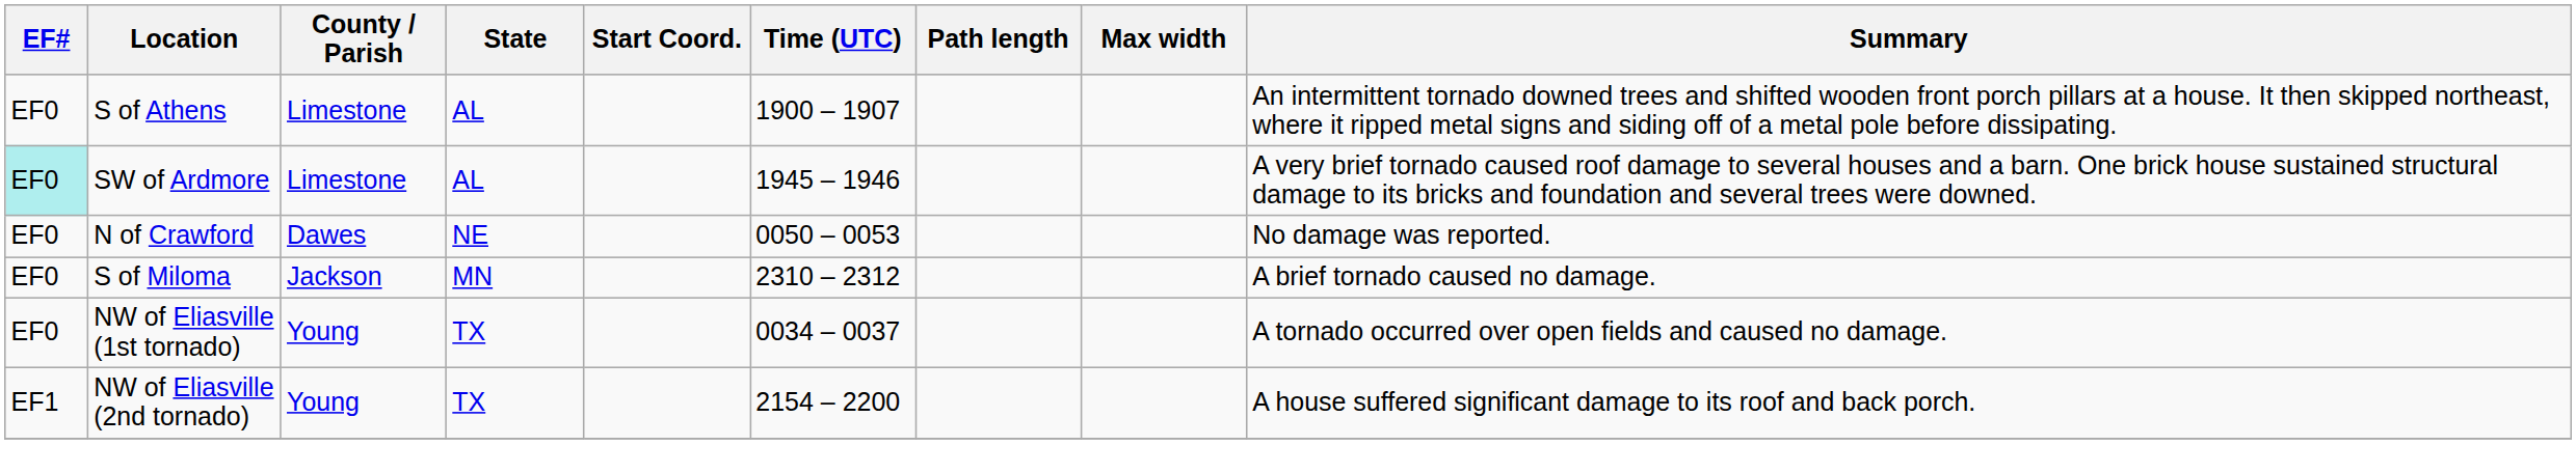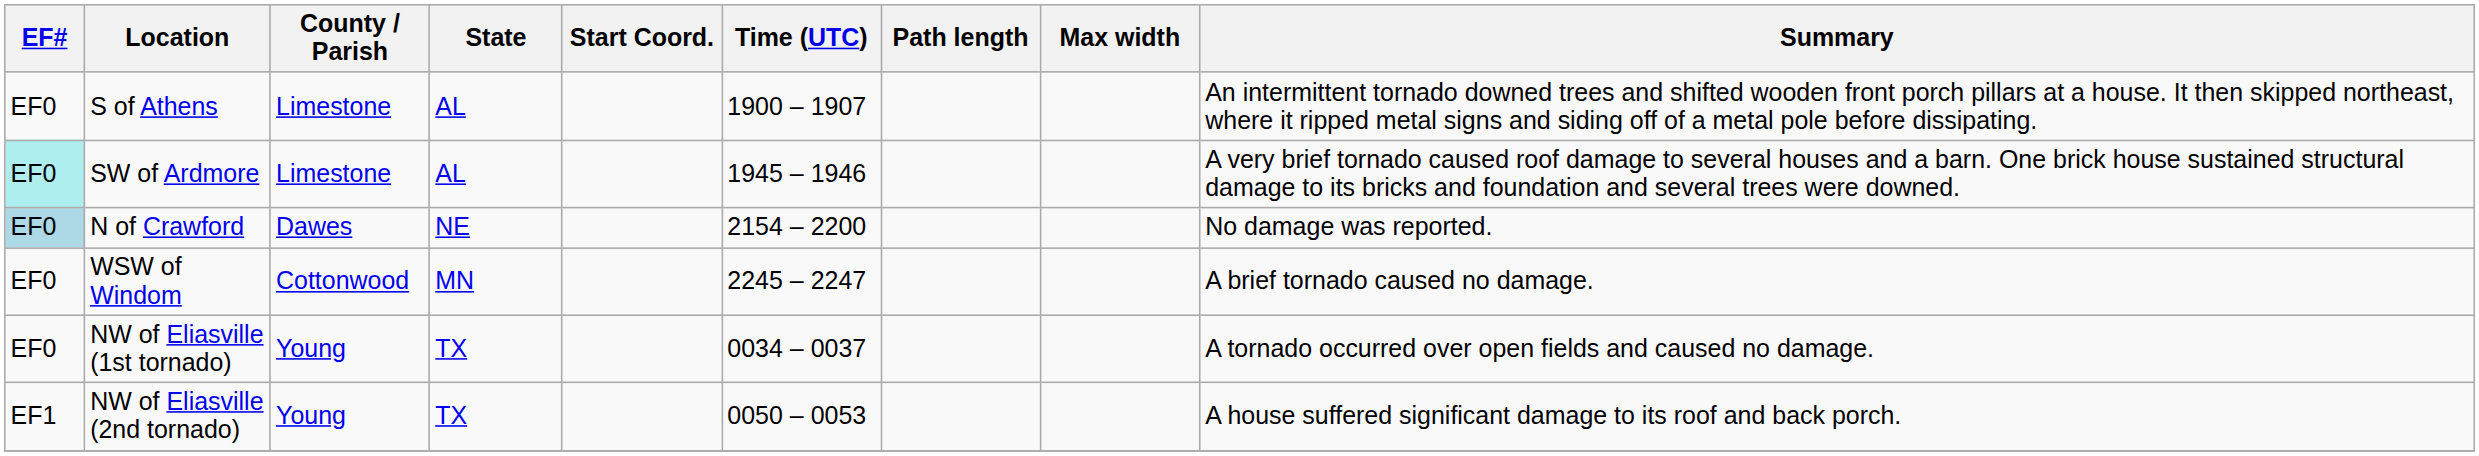 <table class="wikitable sortable" style="width:100%;">
 <tr>
 <th scope="col" width="3%" align="center"><a href='#'>EF#</a></th>
 <th scope="col" width="7%" align="center" class="unsortable">Location</th>
 <th scope="col" width="6%" align="center" class="unsortable">County / Parish</th>
 <th scope="col" width="5%" align="center">State</th>
 <th scope="col" width="6%" align="center">Start Coord.</th>
 <th scope="col" width="6%" align="center">Time (<a href='#'>UTC</a>)</th>
 <th scope="col" width="6%" align="center">Path length</th>
 <th scope="col" width="6%" align="center">Max width</th>
 <th scope="col" width="48%" class="unsortable" align="center">Summary</th>
 </tr>
 <tr>
 <td>EF0</td>
 <td>S of <a href='#'>Athens</a></td>
 <td><a href='#'>Limestone</a></td>
 <td><a href='#'>AL</a></td>
 <td></td>
 <td>1900 – 1907</td>
 <td></td>
 <td></td>
 <td>An intermittent tornado downed trees and shifted wooden front porch pillars at a house. It then skipped northeast, where it ripped metal signs and siding off of a metal pole before dissipating.</td>
 </tr>
 <tr>
 <td style="background: paleturquoise;">EF0</td>
 <td>SW of <a href='#'>Ardmore</a></td>
 <td><a href='#'>Limestone</a></td>
 <td><a href='#'>AL</a></td>
 <td></td>
 <td>1945 – 1946</td>
 <td></td>
 <td></td>
 <td>A very brief tornado caused roof damage to several houses and a barn. One brick house sustained structural damage to its bricks and foundation and several trees were downed.</td>
 </tr>
 <tr>
-<td>EF0</td>
+<td style="background: lightblue;">EF0</td>
 <td>N of <a href='#'>Crawford</a></td>
 <td><a href='#'>Dawes</a></td>
 <td><a href='#'>NE</a></td>
 <td></td>
-<td>0050 – 0053</td>
+<td>2154 – 2200</td>
 <td></td>
 <td></td>
 <td>No damage was reported.</td>
 </tr>
 <tr>
 <td>EF0</td>
-<td>S of <a href='#'>Miloma</a></td>
-<td><a href='#'>Jackson</a></td>
+<td>WSW of <a href='#'>Windom</a></td>
+<td><a href='#'>Cottonwood</a></td>
 <td><a href='#'>MN</a></td>
 <td></td>
-<td>2310 – 2312</td>
+<td>2245 – 2247</td>
 <td></td>
 <td></td>
 <td>A brief tornado caused no damage.</td>
 </tr>
 <tr>
 <td>EF0</td>
 <td>NW of <a href='#'>Eliasville</a> (1st tornado)</td>
 <td><a href='#'>Young</a></td>
 <td><a href='#'>TX</a></td>
 <td></td>
 <td>0034 – 0037</td>
 <td></td>
 <td></td>
 <td>A tornado occurred over open fields and caused no damage.</td>
 </tr>
 <tr>
 <td>EF1</td>
 <td>NW of <a href='#'>Eliasville</a> (2nd tornado)</td>
 <td><a href='#'>Young</a></td>
 <td><a href='#'>TX</a></td>
 <td></td>
-<td>2154 – 2200</td>
+<td>0050 – 0053</td>
 <td></td>
 <td></td>
 <td>A house suffered significant damage to its roof and back porch.</td>
 </tr>
 <tr>
 </tr>
 </table>
